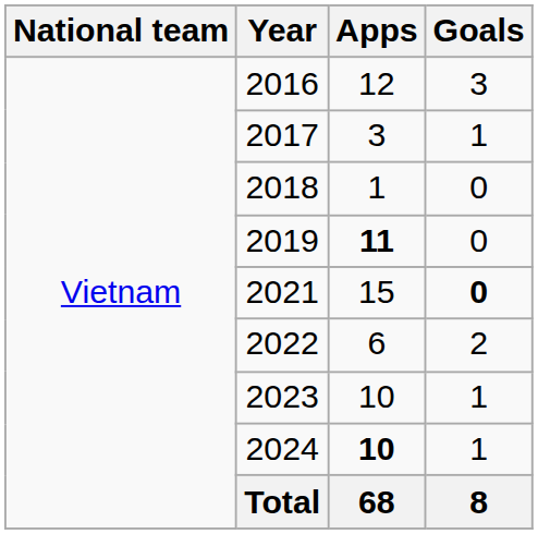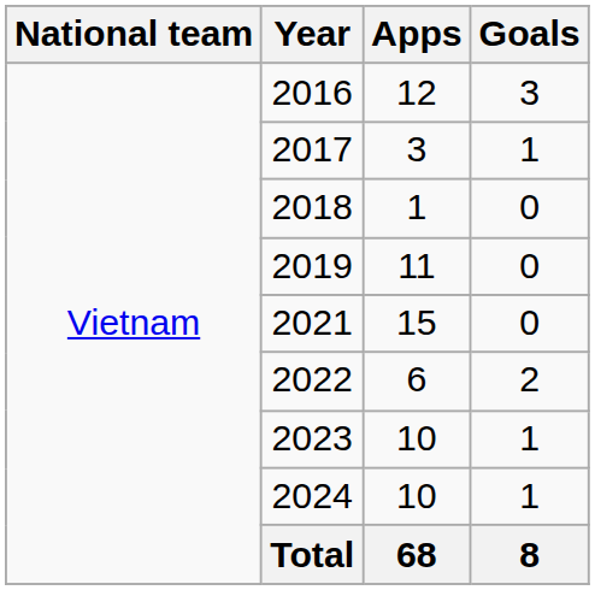 <table class=wikitable style=text-align:center>
 <tr>
 <th>National team</th>
 <th>Year</th>
 <th>Apps</th>
 <th>Goals</th>
 </tr>
 <tr>
 <td rowspan=10><a href='#'>Vietnam</a></td>
 <td>2016</td>
 <td>12</td>
 <td>3</td>
 </tr>
 <tr>
 <td>2017</td>
 <td>3</td>
 <td>1</td>
 </tr>
 <tr>
 <td>2018</td>
 <td>1</td>
 <td>0</td>
 </tr>
 <tr>
 <td>2019</td>
-<td><strong>11</strong></td>
+<td>11</td>
 <td>0</td>
 </tr>
 <tr>
 <td>2021</td>
 <td>15</td>
-<td><strong>0</strong></td>
+<td>0</td>
 </tr>
 <tr>
 <td>2022</td>
 <td>6</td>
 <td>2</td>
 </tr>
 <tr>
 <td>2023</td>
 <td>10</td>
 <td>1</td>
 </tr>
 <tr>
 <td>2024</td>
-<td><strong>10</strong></td>
+<td>10</td>
 <td>1</td>
 </tr>
 <tr>
 <th colspan=1>Total</th>
 <th>68</th>
 <th>8</th>
 </tr>
 </table>
